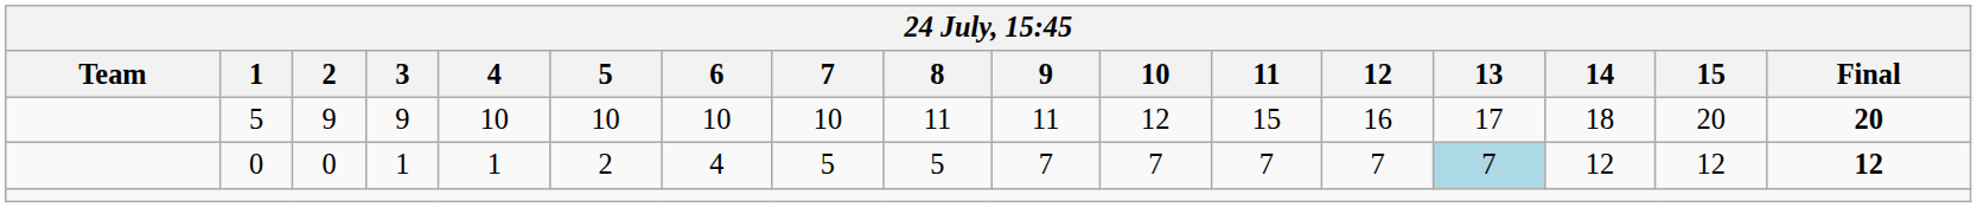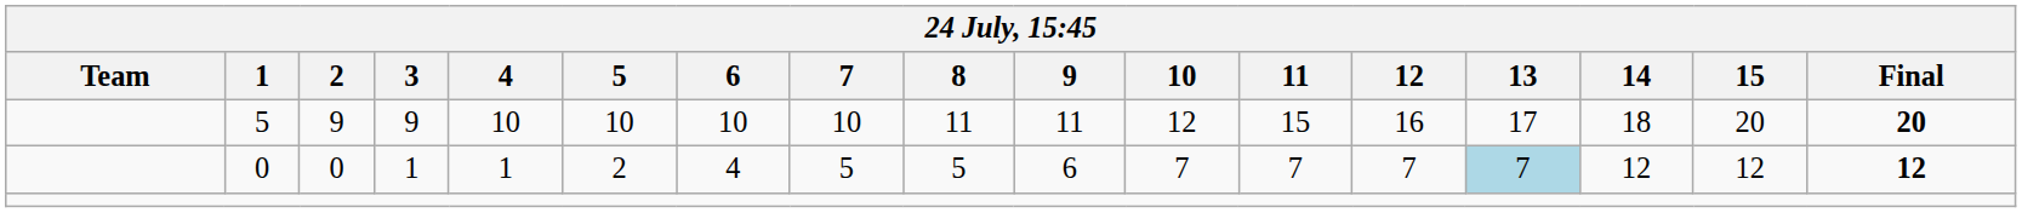 <table class=wikitable style="text-align:center; width: 55%">
 <tr>
 <th colspan=17><em>24 July, 15:45</em></th>
 </tr>
 <tr>
 <th>Team</th>
 <th>1</th>
 <th>2</th>
 <th>3</th>
 <th>4</th>
 <th>5</th>
 <th>6</th>
 <th>7</th>
 <th>8</th>
 <th>9</th>
 <th>10</th>
 <th>11</th>
 <th>12</th>
 <th>13</th>
 <th>14</th>
 <th>15</th>
 <th>Final</th>
 </tr>
 <tr>
 <td align=left><strong></strong></td>
 <td>5</td>
 <td>9</td>
 <td>9</td>
 <td>10</td>
 <td>10</td>
 <td>10</td>
 <td>10</td>
 <td>11</td>
 <td>11</td>
 <td>12</td>
 <td>15</td>
 <td>16</td>
 <td>17</td>
 <td>18</td>
 <td>20</td>
 <td><strong>20</strong></td>
 </tr>
 <tr>
 <td align=left></td>
 <td>0</td>
 <td>0</td>
 <td>1</td>
 <td>1</td>
 <td>2</td>
 <td>4</td>
 <td>5</td>
 <td>5</td>
-<td>7</td>
+<td>6</td>
 <td>7</td>
 <td>7</td>
 <td>7</td>
 <td style="background: lightblue;">7</td>
 <td>12</td>
 <td>12</td>
 <td><strong>12</strong></td>
 </tr>
 <tr>
 <td colspan=17></td>
 </tr>
 </table>
